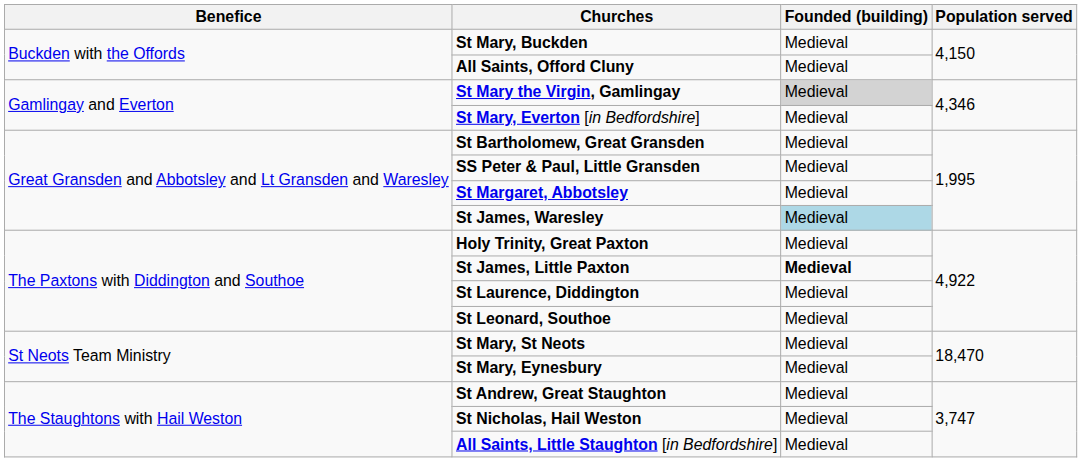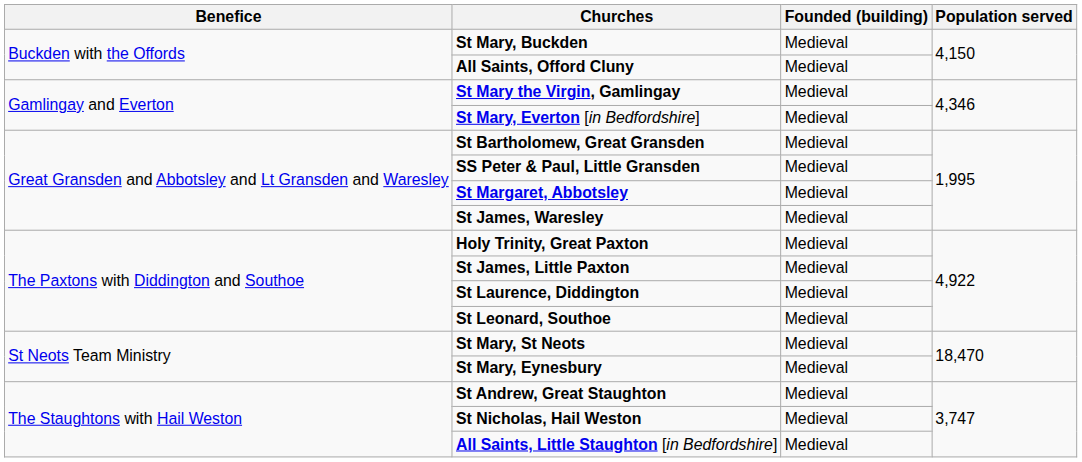 <table class="wikitable">
 <tr>
 <th>Benefice</th>
 <th>Churches</th>
 <th>Founded (building)</th>
 <th>Population served<strong></strong></th>
 </tr>
 <tr>
 <td rowspan="2"><a href='#'>Buckden</a> with <a href='#'>the Offords</a></td>
 <td><strong>St Mary, Buckden</strong></td>
 <td>Medieval</td>
 <td rowspan="2">4,150</td>
 </tr>
 <tr>
 <td><strong>All Saints, Offord Cluny</strong></td>
 <td>Medieval</td>
 </tr>
 <tr>
 <td rowspan="2"><a href='#'>Gamlingay</a> and <a href='#'>Everton</a></td>
 <td><strong><a href='#'>St Mary the Virgin</a>, Gamlingay</strong></td>
-<td style="background: lightgrey;">Medieval</td>
+<td>Medieval</td>
 <td rowspan="2">4,346</td>
 </tr>
 <tr>
 <td><a href='#'><strong>St Mary, Everton</strong></a> [<em>in</em> <em>Bedfordshire</em>]</td>
 <td>Medieval</td>
 </tr>
 <tr>
 <td rowspan="4"><a href='#'>Great Gransden</a> and <a href='#'>Abbotsley</a> and <a href='#'>Lt Gransden</a> and <a href='#'>Waresley</a></td>
 <td><strong>St Bartholomew, Great Gransden</strong></td>
 <td>Medieval</td>
 <td rowspan="4">1,995</td>
 </tr>
 <tr>
 <td><strong>SS Peter & Paul, Little Gransden</strong></td>
 <td>Medieval</td>
 </tr>
 <tr>
 <td><a href='#'><strong>St Margaret, Abbotsley</strong></a></td>
 <td>Medieval</td>
 </tr>
 <tr>
 <td><strong>St James, Waresley</strong></td>
-<td style="background: lightblue;">Medieval</td>
+<td>Medieval</td>
 </tr>
 <tr>
 <td rowspan="4"><a href='#'>The Paxtons</a> with <a href='#'>Diddington</a> and <a href='#'>Southoe</a></td>
 <td><strong>Holy Trinity, Great Paxton</strong></td>
 <td>Medieval</td>
 <td rowspan="4">4,922</td>
 </tr>
 <tr>
 <td><strong>St James, Little Paxton</strong></td>
-<td><strong>Medieval</strong></td>
+<td>Medieval</td>
 </tr>
 <tr>
 <td><strong>St Laurence, Diddington</strong></td>
 <td>Medieval</td>
 </tr>
 <tr>
 <td><strong>St Leonard, Southoe</strong></td>
 <td>Medieval</td>
 </tr>
 <tr>
 <td rowspan="2"><a href='#'>St Neots</a> Team Ministry</td>
 <td><strong>St Mary, St Neots</strong></td>
 <td>Medieval</td>
 <td rowspan="2">18,470</td>
 </tr>
 <tr>
 <td><strong>St Mary, Eynesbury</strong></td>
 <td>Medieval</td>
 </tr>
 <tr>
 <td rowspan="3"><a href='#'>The Staughtons</a> with <a href='#'>Hail Weston</a></td>
 <td><strong>St Andrew, Great Staughton</strong></td>
 <td>Medieval</td>
 <td rowspan="3">3,747</td>
 </tr>
 <tr>
 <td><strong>St Nicholas, Hail Weston</strong></td>
 <td>Medieval</td>
 </tr>
 <tr>
 <td><a href='#'><strong>All Saints, Little Staughton</strong></a> [<em>in</em> <em>Bedfordshire</em>]</td>
 <td>Medieval</td>
 </tr>
 </table>
